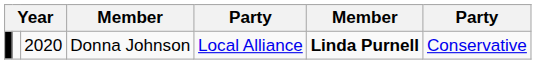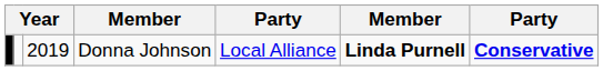 <table class="wikitable">
 <tr>
 <th colspan="3">Year</th>
 <th>Member</th>
 <th>Party</th>
 <th>Member</th>
 <th>Party</th>
 </tr>
 <tr>
 <td style="background-color:#000000"></td>
 <td style="background-color: "></td>
-<td>2020</td>
+<td>2019</td>
 <td>Donna Johnson</td>
 <td><a href='#'>Local Alliance</a></td>
 <td><strong>Linda Purnell</strong></td>
-<td><a href='#'>Conservative</a></td>
+<td><strong><a href='#'>Conservative</a></strong></td>
 </tr>
 </table>
